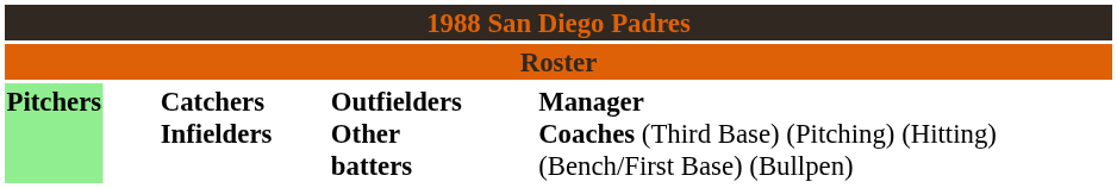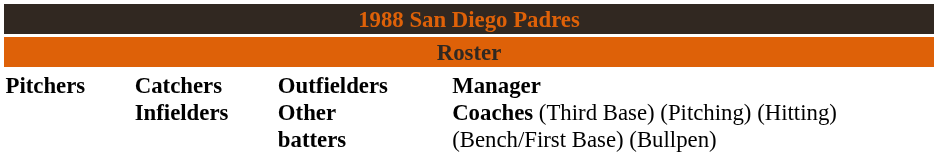 <table class="toccolours" style="font-size: 95%;">
 <tr>
 <th colspan="10" style="background-color: #312821; color: #de6108; text-align: center;">1988 San Diego Padres</th>
 </tr>
 <tr>
 <td colspan="10" style="background-color: #de6108; color: #312821; text-align: center;"><strong>Roster</strong></td>
 </tr>
 <tr>
-<td valign="top" style="background: lightgreen;"><strong>Pitchers</strong><br>             </td>
+<td valign="top"><strong>Pitchers</strong><br>             </td>
 <td width="25px"></td>
 <td valign="top"><strong>Catchers</strong><br>  <strong>Infielders</strong>          </td>
 <td width="25px"></td>
 <td valign="top"><strong>Outfielders</strong><br>        <strong>Other batters</strong> </td>
 <td width="25px"></td>
 <td valign="top"><strong>Manager</strong><br>  <strong>Coaches</strong>  (Third Base)  (Pitching)  (Hitting)  (Bench/First Base)  (Bullpen)</td>
 </tr>
 </table>
